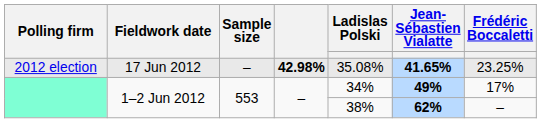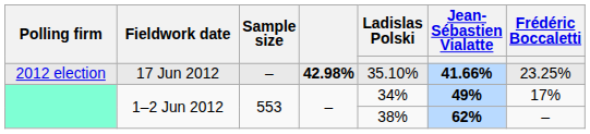 <table class="wikitable sortable" style="text-align:center;font-size:90%;line-height:14px;">
 <tr style="height:40px;">
 <th style="width:100px;" rowspan="2">Polling firm</th>
 <th style="width:110px;" rowspan="2">Fieldwork date</th>
 <th style="width:35px;" rowspan="2">Sample<br>size</th>
 <th style="width:30px;" rowspan="2"></th>
 <th class="unsortable" style="width:60px;">Ladislas Polski<br></th>
 <th class="unsortable" style="width:60px;"><a href='#'>Jean-Sébastien Vialatte</a><br></th>
 <th class="unsortable" style="width:60px;"><a href='#'>Frédéric Boccaletti</a><br></th>
 </tr>
 <tr>
 <th style="background:"></th>
 <th style="background:"></th>
 <th style="background:"></th>
 </tr>
 <tr style="background:#E9E9E9;">
 <td><a href='#'>2012 election</a></td>
 <td data-sort-value="2012-06-17">17 Jun 2012</td>
 <td>–</td>
 <td><strong>42.98%</strong></td>
-<td>35.08%</td>
-<td style="background:#B9DAFF;"><strong>41.65%</strong></td>
+<td>35.10%</td>
+<td style="background:#B9DAFF;"><strong>41.66%</strong></td>
 <td>23.25%</td>
 </tr>
 <tr>
 <td rowspan="2" style="background:aquamarine;"></td>
 <td rowspan="2" data-sort-value="2012-06-02">1–2 Jun 2012</td>
 <td rowspan="2">553</td>
 <td rowspan="2">–</td>
 <td>34%</td>
 <td style="background:#B9DAFF;"><strong>49%</strong></td>
 <td>17%</td>
 </tr>
 <tr>
 <td>38%</td>
 <td style="background:#B9DAFF;"><strong>62%</strong></td>
 <td>–</td>
 </tr>
 </table>
